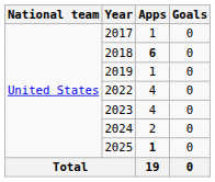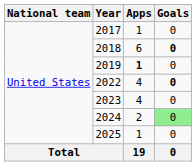 <table class="wikitable" style="text-align:center">
 <tr>
 <th>National team</th>
 <th>Year</th>
 <th>Apps</th>
 <th>Goals</th>
 </tr>
 <tr>
 <td rowspan="7"><a href='#'>United States</a></td>
 <td>2017</td>
 <td>1</td>
 <td>0</td>
 </tr>
 <tr>
 <td>2018</td>
-<td><strong>6</strong></td>
-<td>0</td>
+<td>6</td>
+<td><strong>0</strong></td>
 </tr>
 <tr>
 <td>2019</td>
-<td>1</td>
+<td><strong>1</strong></td>
 <td>0</td>
 </tr>
 <tr>
 <td>2022</td>
 <td>4</td>
-<td>0</td>
+<td><strong>0</strong></td>
 </tr>
 <tr>
 <td>2023</td>
 <td>4</td>
 <td>0</td>
 </tr>
 <tr>
 <td>2024</td>
 <td>2</td>
-<td>0</td>
+<td style="background: lightgreen;">0</td>
 </tr>
 <tr>
 <td>2025</td>
-<td><strong>1</strong></td>
+<td>1</td>
 <td>0</td>
 </tr>
 <tr>
 <th colspan="2">Total</th>
 <th>19</th>
 <th>0</th>
 </tr>
 </table>
